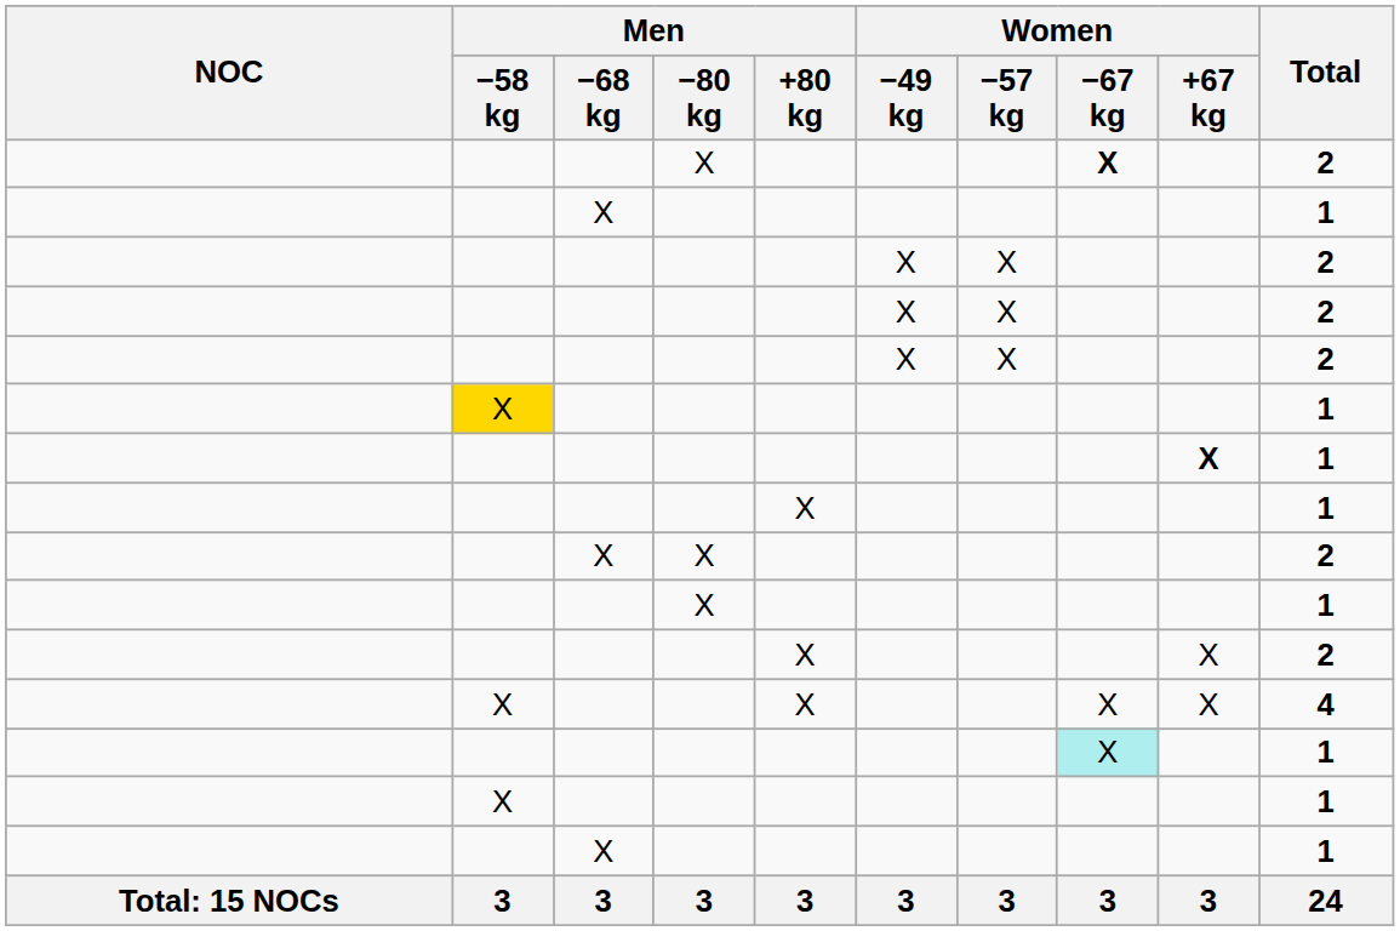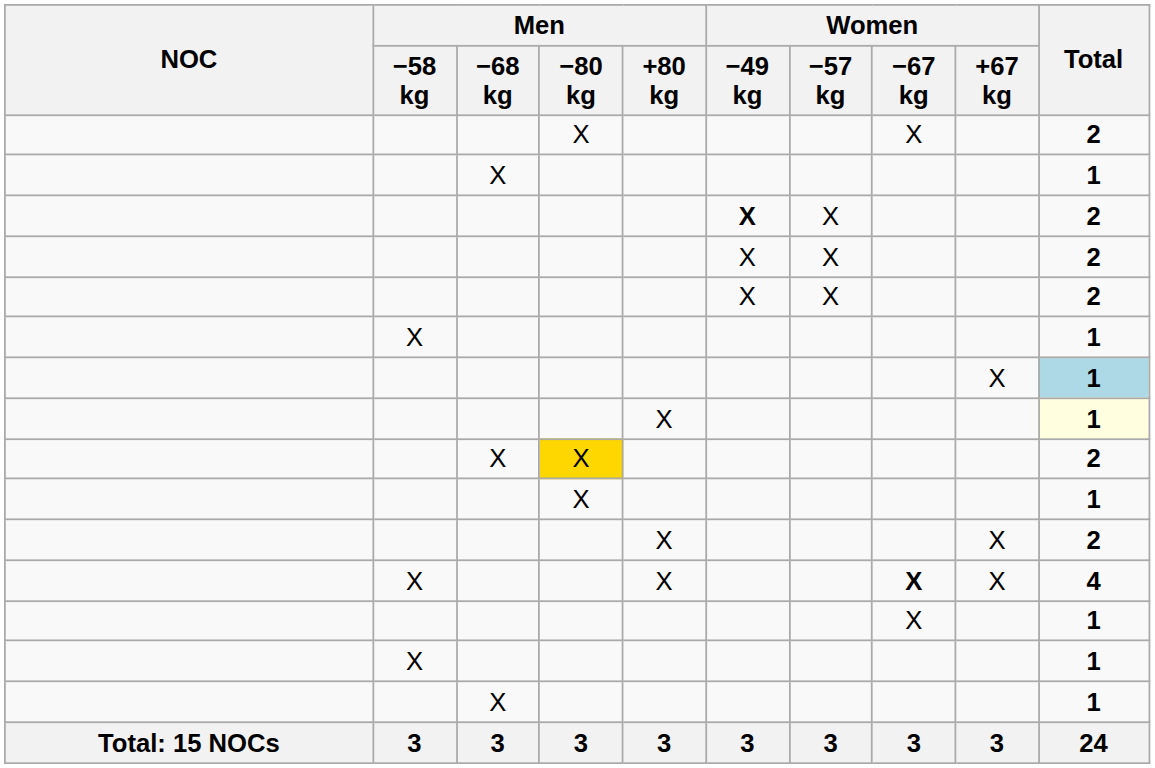 <table class="wikitable" style="text-align:center; font-size:90%">
 <tr>
 <th rowspan="2" width=200 align="left">NOC</th>
 <th colspan="4">Men</th>
 <th colspan="4">Women</th>
 <th width=55 rowspan="2">Total</th>
 </tr>
 <tr>
 <th width=40>−58 kg</th>
 <th width=40>−68 kg</th>
 <th width=40>−80 kg</th>
 <th width=40>+80 kg</th>
 <th width=40>−49 kg</th>
 <th width=40>−57 kg</th>
 <th width=40>−67 kg</th>
 <th width=40>+67 kg</th>
 </tr>
 <tr>
 <td align="left"></td>
 <td></td>
 <td></td>
 <td>X</td>
 <td></td>
 <td></td>
 <td></td>
-<td><strong>X</strong></td>
+<td>X</td>
 <td></td>
 <td><strong>2</strong></td>
 </tr>
 <tr>
 <td align="left"></td>
 <td></td>
 <td>X</td>
 <td></td>
 <td></td>
 <td></td>
 <td></td>
 <td></td>
 <td></td>
 <td><strong>1</strong></td>
 </tr>
 <tr>
 <td align="left"></td>
 <td></td>
 <td></td>
 <td></td>
 <td></td>
-<td>X</td>
+<td><strong>X</strong></td>
 <td>X</td>
 <td></td>
 <td></td>
 <td><strong>2</strong></td>
 </tr>
 <tr>
 <td align="left"></td>
 <td></td>
 <td></td>
 <td></td>
 <td></td>
 <td>X</td>
 <td>X</td>
 <td></td>
 <td></td>
 <td><strong>2</strong></td>
 </tr>
 <tr>
 <td align="left"></td>
 <td></td>
 <td></td>
 <td></td>
 <td></td>
 <td>X</td>
 <td>X</td>
 <td></td>
 <td></td>
 <td><strong>2</strong></td>
 </tr>
 <tr>
 <td align="left"></td>
-<td style="background: gold;">X</td>
+<td>X</td>
 <td></td>
 <td></td>
 <td></td>
 <td></td>
 <td></td>
 <td></td>
 <td></td>
 <td><strong>1</strong></td>
 </tr>
 <tr>
 <td align="left"></td>
 <td></td>
 <td></td>
 <td></td>
 <td></td>
 <td></td>
 <td></td>
 <td></td>
-<td><strong>X</strong></td>
-<td><strong>1</strong></td>
+<td>X</td>
+<td style="background: lightblue;"><strong>1</strong></td>
 </tr>
 <tr>
 <td align="left"></td>
 <td></td>
 <td></td>
 <td></td>
 <td>X</td>
 <td></td>
 <td></td>
 <td></td>
 <td></td>
-<td><strong>1</strong></td>
+<td style="background: lightyellow;"><strong>1</strong></td>
 </tr>
 <tr>
 <td align="left"></td>
 <td></td>
 <td>X</td>
-<td>X</td>
+<td style="background: gold;">X</td>
 <td></td>
 <td></td>
 <td></td>
 <td></td>
 <td></td>
 <td><strong>2</strong></td>
 </tr>
 <tr>
 <td align="left"></td>
 <td></td>
 <td></td>
 <td>X</td>
 <td></td>
 <td></td>
 <td></td>
 <td></td>
 <td></td>
 <td><strong>1</strong></td>
 </tr>
 <tr>
 <td align="left"></td>
 <td></td>
 <td></td>
 <td></td>
 <td>X</td>
 <td></td>
 <td></td>
 <td></td>
 <td>X</td>
 <td><strong>2</strong></td>
 </tr>
 <tr>
 <td align="left"></td>
 <td>X</td>
 <td></td>
 <td></td>
 <td>X</td>
 <td></td>
 <td></td>
-<td>X</td>
+<td><strong>X</strong></td>
 <td>X</td>
 <td><strong>4</strong></td>
 </tr>
 <tr>
 <td align="left"></td>
 <td></td>
 <td></td>
 <td></td>
 <td></td>
 <td></td>
 <td></td>
-<td style="background: paleturquoise;">X</td>
+<td>X</td>
 <td></td>
 <td><strong>1</strong></td>
 </tr>
 <tr>
 <td align="left"></td>
 <td>X</td>
 <td></td>
 <td></td>
 <td></td>
 <td></td>
 <td></td>
 <td></td>
 <td></td>
 <td><strong>1</strong></td>
 </tr>
 <tr>
 <td align="left"></td>
 <td></td>
 <td>X</td>
 <td></td>
 <td></td>
 <td></td>
 <td></td>
 <td></td>
 <td></td>
 <td><strong>1</strong></td>
 </tr>
 <tr>
 <th>Total: 15 NOCs</th>
 <th>3</th>
 <th>3</th>
 <th>3</th>
 <th>3</th>
 <th>3</th>
 <th>3</th>
 <th>3</th>
 <th>3</th>
 <th>24</th>
 </tr>
 </table>
